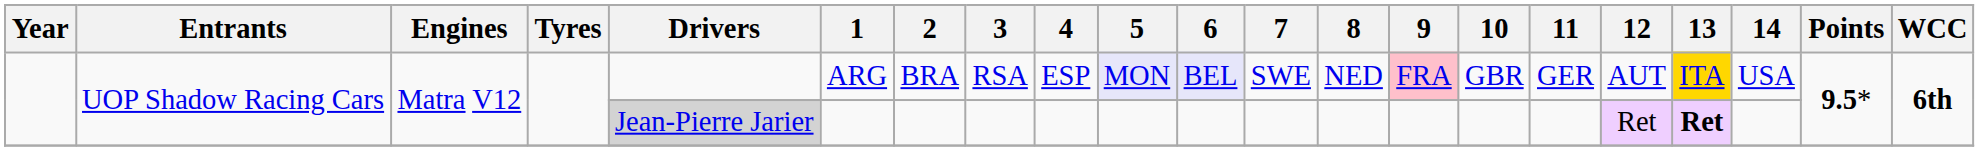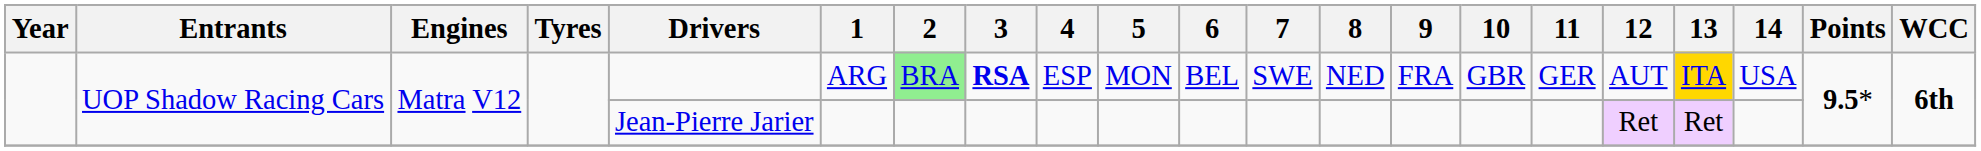 <table class="wikitable" style="text-align:center; font-size:90%">
 <tr>
 <th>Year</th>
 <th>Entrants</th>
 <th>Engines</th>
 <th>Tyres</th>
 <th>Drivers</th>
 <th>1</th>
 <th>2</th>
 <th>3</th>
 <th>4</th>
 <th>5</th>
 <th>6</th>
 <th>7</th>
 <th>8</th>
 <th>9</th>
 <th>10</th>
 <th>11</th>
 <th>12</th>
 <th>13</th>
 <th>14</th>
 <th>Points</th>
 <th>WCC</th>
 </tr>
 <tr>
 <td rowspan="2"></td>
 <td rowspan="2"><a href='#'>UOP Shadow Racing Cars</a></td>
 <td rowspan="2"><a href='#'>Matra</a> <a href='#'>V12</a></td>
 <td rowspan="2"></td>
 <td></td>
 <td><a href='#'>ARG</a></td>
-<td><a href='#'>BRA</a></td>
-<td><a href='#'>RSA</a></td>
+<td style="background: lightgreen;"><a href='#'>BRA</a></td>
+<td><strong><a href='#'>RSA</a></strong></td>
 <td><a href='#'>ESP</a></td>
-<td style="background: lavender;"><a href='#'>MON</a></td>
-<td style="background: lavender;"><a href='#'>BEL</a></td>
+<td><a href='#'>MON</a></td>
+<td><a href='#'>BEL</a></td>
 <td><a href='#'>SWE</a></td>
 <td><a href='#'>NED</a></td>
-<td style="background: pink;"><a href='#'>FRA</a></td>
+<td><a href='#'>FRA</a></td>
 <td><a href='#'>GBR</a></td>
 <td><a href='#'>GER</a></td>
 <td><a href='#'>AUT</a></td>
 <td style="background: gold;"><a href='#'>ITA</a></td>
 <td><a href='#'>USA</a></td>
 <td rowspan="2"><strong>9.5</strong>*</td>
 <td rowspan="2"><strong>6th</strong></td>
 </tr>
 <tr>
-<td align="left" style="background: lightgrey;"><a href='#'>Jean-Pierre Jarier</a></td>
+<td align="left"><a href='#'>Jean-Pierre Jarier</a></td>
 <td></td>
 <td></td>
 <td></td>
 <td></td>
 <td></td>
 <td></td>
 <td></td>
 <td></td>
 <td></td>
 <td></td>
 <td></td>
 <td style="background:#EFCFFF;">Ret</td>
-<td style="background:#EFCFFF;"><strong>Ret</strong></td>
+<td style="background:#EFCFFF;">Ret</td>
 <td></td>
 </tr>
 <tr>
 </tr>
 </table>
